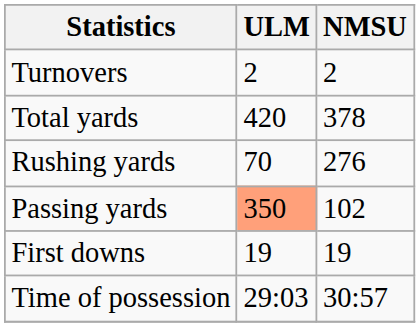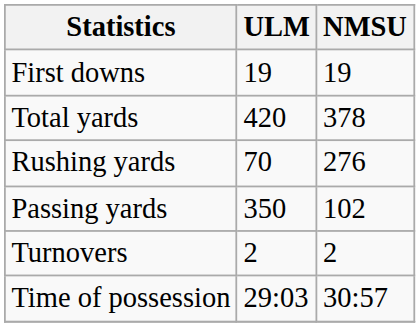 <table class="wikitable">
 <tr>
 <th>Statistics</th>
 <th>ULM</th>
 <th>NMSU</th>
 </tr>
 <tr>
-<td>Turnovers</td>
-<td>2</td>
-<td>2</td>
+<td>First downs</td>
+<td>19</td>
+<td>19</td>
 </tr>
 <tr>
 <td>Total yards</td>
 <td>420</td>
 <td>378</td>
 </tr>
 <tr>
 <td>Rushing yards</td>
 <td>70</td>
 <td>276</td>
 </tr>
 <tr>
 <td>Passing yards</td>
-<td style="background: lightsalmon;">350</td>
+<td>350</td>
 <td>102</td>
 </tr>
 <tr>
-<td>First downs</td>
-<td>19</td>
-<td>19</td>
+<td>Turnovers</td>
+<td>2</td>
+<td>2</td>
 </tr>
 <tr>
 <td>Time of possession</td>
 <td>29:03</td>
 <td>30:57</td>
 </tr>
 <tr>
 </tr>
 </table>
